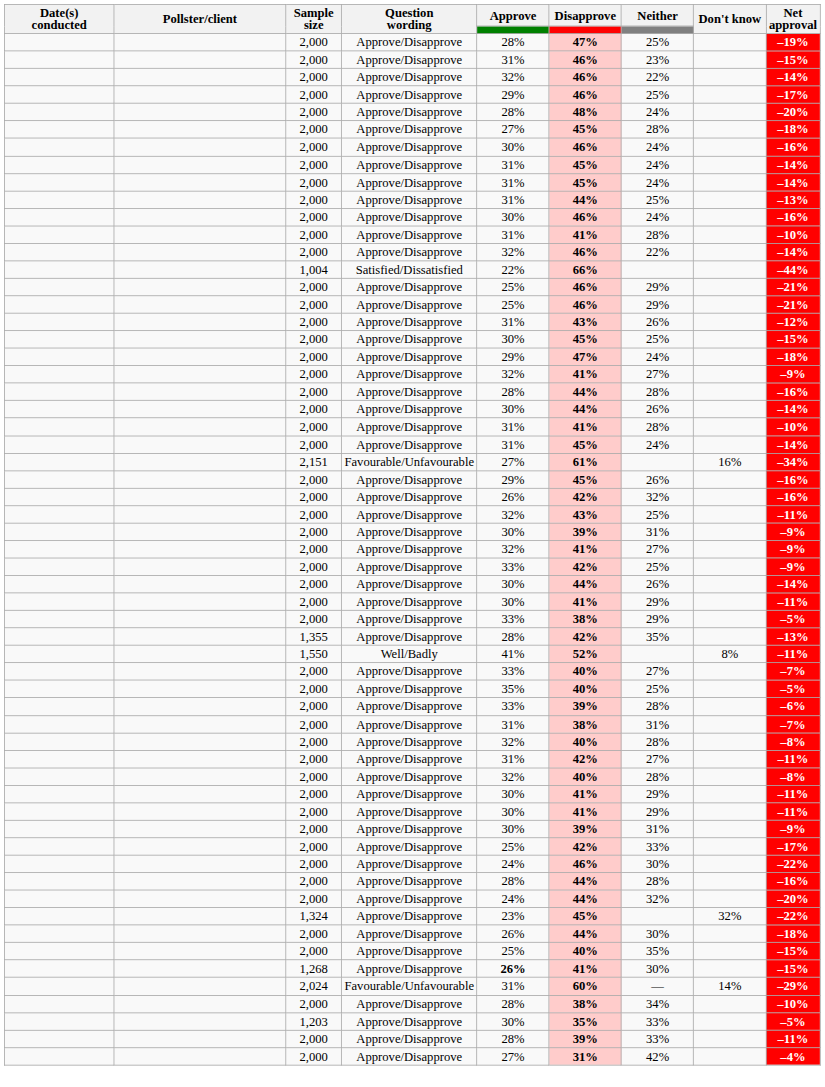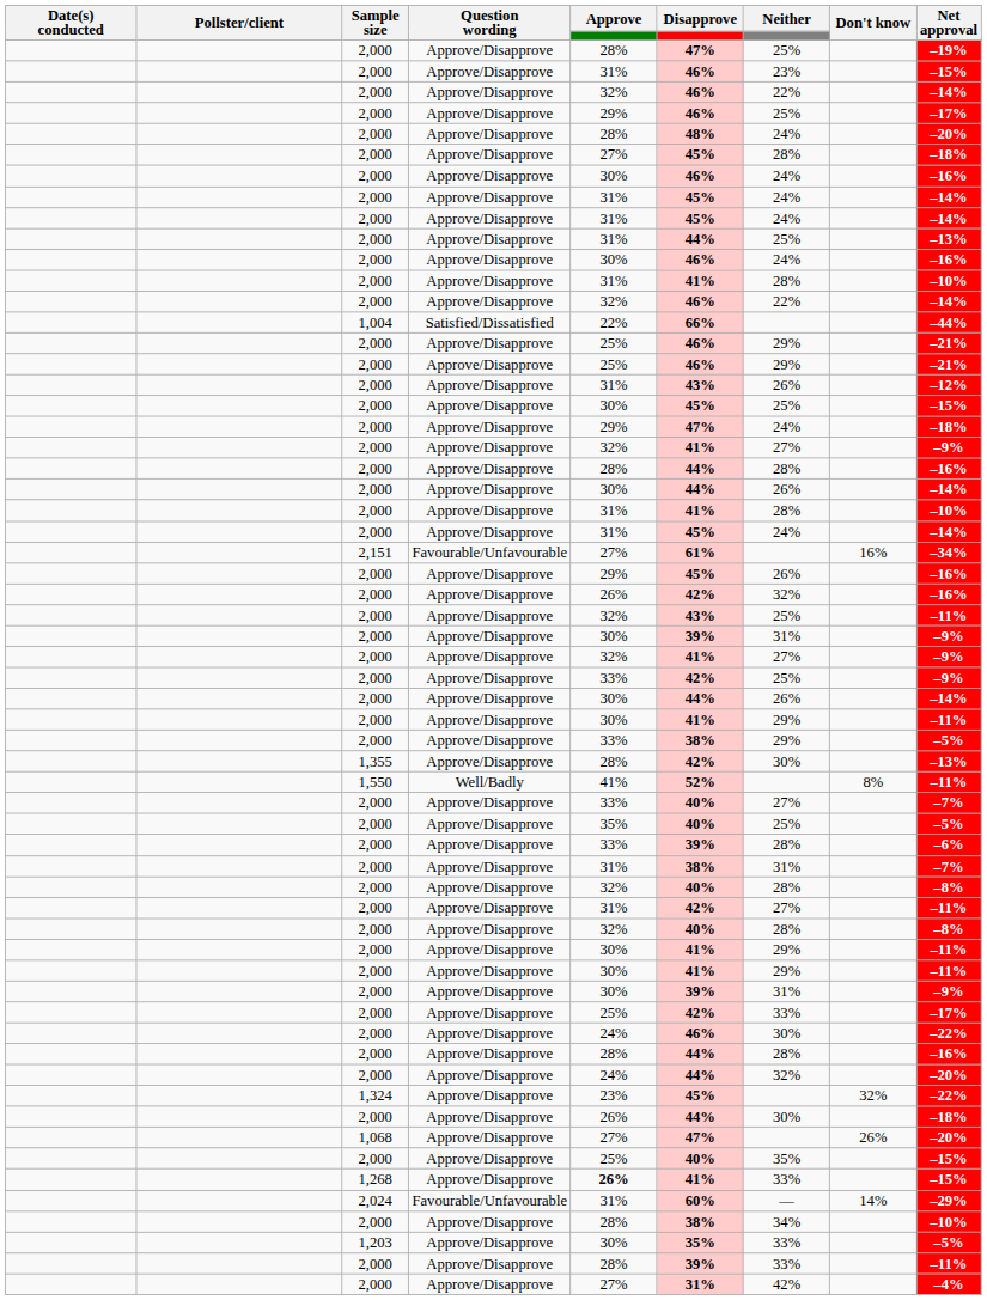 <table class="wikitable collapsible sortable mw-datatable" style="text-align:center;font-size:95%;line-height:14px;">
 <tr>
 <th style="width:125px;" rowspan="2">Date(s)<br>conducted</th>
 <th style="width:200px;" rowspan="2">Pollster/client</th>
 <th style="width:60px;" rowspan="2">Sample size</th>
 <th style="width:120px;" rowspan="2">Question<br>wording</th>
 <th class="unsortable" style="width:80px;">Approve</th>
 <th class="unsortable" style="width: 80px;">Disapprove</th>
 <th class="unsortable" style="width:80px;">Neither</th>
 <th class="unsortable" style="width:80px;" rowspan="2">Don't know</th>
 <th class="unsortable" style="width:20px;" rowspan="2">Net approval</th>
 </tr>
 <tr>
 <th class="unsortable" style="color:inherit;background:green;width:60px;"></th>
 <th class="unsortable" style="color:inherit;background:red;width:60px;"></th>
 <th class="unsortable" style="background:grey;width:60px;"></th>
 </tr>
 <tr>
 <td></td>
 <td></td>
 <td>2,000</td>
 <td>Approve/Disapprove</td>
 <td>28%</td>
 <td style="background:#ffcccb"><strong>47%</strong></td>
 <td>25%</td>
 <td></td>
 <td style="background:red;color:white"><strong>–19%</strong></td>
 </tr>
 <tr>
 <td></td>
 <td></td>
 <td>2,000</td>
 <td>Approve/Disapprove</td>
 <td>31%</td>
 <td style="background:#ffcccb"><strong>46%</strong></td>
 <td>23%</td>
 <td></td>
 <td style="background:red;color:white"><strong>–15%</strong></td>
 </tr>
 <tr>
 <td></td>
 <td></td>
 <td>2,000</td>
 <td>Approve/Disapprove</td>
 <td>32%</td>
 <td style="background:#ffcccb"><strong>46%</strong></td>
 <td>22%</td>
 <td></td>
 <td style="background:red;color:white"><strong>–14%</strong></td>
 </tr>
 <tr>
 <td></td>
 <td></td>
 <td>2,000</td>
 <td>Approve/Disapprove</td>
 <td>29%</td>
 <td style="background:#ffcccb"><strong>46%</strong></td>
 <td>25%</td>
 <td></td>
 <td style="background:red;color:white"><strong>–17%</strong></td>
 </tr>
 <tr>
 <td></td>
 <td></td>
 <td>2,000</td>
 <td>Approve/Disapprove</td>
 <td>28%</td>
 <td style="background:#ffcccb"><strong>48%</strong></td>
 <td>24%</td>
 <td></td>
 <td style="background:red;color:white"><strong>–20%</strong></td>
 </tr>
 <tr>
 <td></td>
 <td></td>
 <td>2,000</td>
 <td>Approve/Disapprove</td>
 <td>27%</td>
 <td style="background:#ffcccb"><strong>45%</strong></td>
 <td>28%</td>
 <td></td>
 <td style="background:red;color:white"><strong>–18%</strong></td>
 </tr>
 <tr>
 <td></td>
 <td></td>
 <td>2,000</td>
 <td>Approve/Disapprove</td>
 <td>30%</td>
 <td style="background:#ffcccb"><strong>46%</strong></td>
 <td>24%</td>
 <td></td>
 <td style="background:red;color:white"><strong>–16%</strong></td>
 </tr>
 <tr>
 <td></td>
 <td></td>
 <td>2,000</td>
 <td>Approve/Disapprove</td>
 <td>31%</td>
 <td style="background:#ffcccb"><strong>45%</strong></td>
 <td>24%</td>
 <td></td>
 <td style="background:red;color:white"><strong>–14%</strong></td>
 </tr>
 <tr>
 <td></td>
 <td></td>
 <td>2,000</td>
 <td>Approve/Disapprove</td>
 <td>31%</td>
 <td style="background:#ffcccb"><strong>45%</strong></td>
 <td>24%</td>
 <td></td>
 <td style="background:red;color:white"><strong>–14%</strong></td>
 </tr>
 <tr>
 <td></td>
 <td></td>
 <td>2,000</td>
 <td>Approve/Disapprove</td>
 <td>31%</td>
 <td style="background:#ffcccb"><strong>44%</strong></td>
 <td>25%</td>
 <td></td>
 <td style="background:red;color:white"><strong>–13%</strong></td>
 </tr>
 <tr>
 <td></td>
 <td></td>
 <td>2,000</td>
 <td>Approve/Disapprove</td>
 <td>30%</td>
 <td style="background:#ffcccb"><strong>46%</strong></td>
 <td>24%</td>
 <td></td>
 <td style="background:red;color:white"><strong>–16%</strong></td>
 </tr>
 <tr>
 <td></td>
 <td></td>
 <td>2,000</td>
 <td>Approve/Disapprove</td>
 <td>31%</td>
 <td style="background:#ffcccb"><strong>41%</strong></td>
 <td>28%</td>
 <td></td>
 <td style="background:red;color:white"><strong>–10%</strong></td>
 </tr>
 <tr>
 <td></td>
 <td></td>
 <td>2,000</td>
 <td>Approve/Disapprove</td>
 <td>32%</td>
 <td style="background:#ffcccb"><strong>46%</strong></td>
 <td>22%</td>
 <td></td>
 <td style="background:red;color:white"><strong>–14%</strong></td>
 </tr>
 <tr>
 <td></td>
 <td></td>
 <td>1,004</td>
 <td>Satisfied/Dissatisfied</td>
 <td>22%</td>
 <td style="background:#ffcccb"><strong>66%</strong></td>
 <td></td>
 <td></td>
 <td style="background:red;color:white"><strong>–44%</strong></td>
 </tr>
 <tr>
 <td></td>
 <td></td>
 <td>2,000</td>
 <td>Approve/Disapprove</td>
 <td>25%</td>
 <td style="background:#ffcccb"><strong>46%</strong></td>
 <td>29%</td>
 <td></td>
 <td style="background:red;color:white"><strong>–21%</strong></td>
 </tr>
 <tr>
 <td></td>
 <td></td>
 <td>2,000</td>
 <td>Approve/Disapprove</td>
 <td>25%</td>
 <td style="background:#ffcccb"><strong>46%</strong></td>
 <td>29%</td>
 <td></td>
 <td style="background:red;color:white"><strong>–21%</strong></td>
 </tr>
 <tr>
 <td></td>
 <td></td>
 <td>2,000</td>
 <td>Approve/Disapprove</td>
 <td>31%</td>
 <td style="background:#ffcccb"><strong>43%</strong></td>
 <td>26%</td>
 <td></td>
 <td style="background:red;color:white"><strong>–12%</strong></td>
 </tr>
 <tr>
 <td></td>
 <td></td>
 <td>2,000</td>
 <td>Approve/Disapprove</td>
 <td>30%</td>
 <td style="background:#ffcccb"><strong>45%</strong></td>
 <td>25%</td>
 <td></td>
 <td style="background:red;color:white"><strong>–15%</strong></td>
 </tr>
 <tr>
 <td></td>
 <td></td>
 <td>2,000</td>
 <td>Approve/Disapprove</td>
 <td>29%</td>
 <td style="background:#ffcccb"><strong>47%</strong></td>
 <td>24%</td>
 <td></td>
 <td style="background:red;color:white"><strong>–18%</strong></td>
 </tr>
 <tr>
 <td></td>
 <td></td>
 <td>2,000</td>
 <td>Approve/Disapprove</td>
 <td>32%</td>
 <td style="background:#ffcccb"><strong>41%</strong></td>
 <td>27%</td>
 <td></td>
 <td style="background:red;color:white"><strong>–9%</strong></td>
 </tr>
 <tr>
 <td></td>
 <td></td>
 <td>2,000</td>
 <td>Approve/Disapprove</td>
 <td>28%</td>
 <td style="background:#ffcccb"><strong>44%</strong></td>
 <td>28%</td>
 <td></td>
 <td style="background:red;color:white"><strong>–16%</strong></td>
 </tr>
 <tr>
 <td></td>
 <td></td>
 <td>2,000</td>
 <td>Approve/Disapprove</td>
 <td>30%</td>
 <td style="background:#ffcccb"><strong>44%</strong></td>
 <td>26%</td>
 <td></td>
 <td style="background:red;color:white"><strong>–14%</strong></td>
 </tr>
 <tr>
 <td></td>
 <td></td>
 <td>2,000</td>
 <td>Approve/Disapprove</td>
 <td>31%</td>
 <td style="background:#ffcccb"><strong>41%</strong></td>
 <td>28%</td>
 <td></td>
 <td style="background:red;color:white"><strong>–10%</strong></td>
 </tr>
 <tr>
 <td></td>
 <td></td>
 <td>2,000</td>
 <td>Approve/Disapprove</td>
 <td>31%</td>
 <td style="background:#ffcccb"><strong>45%</strong></td>
 <td>24%</td>
 <td></td>
 <td style="background:red;color:white"><strong>–14%</strong></td>
 </tr>
 <tr>
 <td></td>
 <td></td>
 <td>2,151</td>
 <td>Favourable/Unfavourable</td>
 <td>27%</td>
 <td style="background:#ffcccb"><strong>61%</strong></td>
 <td></td>
 <td>16%</td>
 <td style="background:red;color:white"><strong>–34%</strong></td>
 </tr>
 <tr>
 <td></td>
 <td></td>
 <td>2,000</td>
 <td>Approve/Disapprove</td>
 <td>29%</td>
 <td style="background:#ffcccb"><strong>45%</strong></td>
 <td>26%</td>
 <td></td>
 <td style="background:red;color:white"><strong>–16%</strong></td>
 </tr>
 <tr>
 <td></td>
 <td></td>
 <td>2,000</td>
 <td>Approve/Disapprove</td>
 <td>26%</td>
 <td style="background:#ffcccb"><strong>42%</strong></td>
 <td>32%</td>
 <td></td>
 <td style="background:red;color:white"><strong>–16%</strong></td>
 </tr>
 <tr>
 <td></td>
 <td></td>
 <td>2,000</td>
 <td>Approve/Disapprove</td>
 <td>32%</td>
 <td style="background:#ffcccb"><strong>43%</strong></td>
 <td>25%</td>
 <td></td>
 <td style="background:red;color:white"><strong>–11%</strong></td>
 </tr>
 <tr>
 <td></td>
 <td></td>
 <td>2,000</td>
 <td>Approve/Disapprove</td>
 <td>30%</td>
 <td style="background:#ffcccb"><strong>39%</strong></td>
 <td>31%</td>
 <td></td>
 <td style="background:red;color:white"><strong>–9%</strong></td>
 </tr>
 <tr>
 <td></td>
 <td></td>
 <td>2,000</td>
 <td>Approve/Disapprove</td>
 <td>32%</td>
 <td style="background:#ffcccb"><strong>41%</strong></td>
 <td>27%</td>
 <td></td>
 <td style="background:red;color:white"><strong>–9%</strong></td>
 </tr>
 <tr>
 <td></td>
 <td></td>
 <td>2,000</td>
 <td>Approve/Disapprove</td>
 <td>33%</td>
 <td style="background:#ffcccb"><strong>42%</strong></td>
 <td>25%</td>
 <td></td>
 <td style="background:red;color:white"><strong>–9%</strong></td>
 </tr>
 <tr>
 <td></td>
 <td></td>
 <td>2,000</td>
 <td>Approve/Disapprove</td>
 <td>30%</td>
 <td style="background:#ffcccb"><strong>44%</strong></td>
 <td>26%</td>
 <td></td>
 <td style="background:red;color:white"><strong>–14%</strong></td>
 </tr>
 <tr>
 <td></td>
 <td></td>
 <td>2,000</td>
 <td>Approve/Disapprove</td>
 <td>30%</td>
 <td style="background:#ffcccb"><strong>41%</strong></td>
 <td>29%</td>
 <td></td>
 <td style="background:red;color:white"><strong>–11%</strong></td>
 </tr>
 <tr>
 <td></td>
 <td></td>
 <td>2,000</td>
 <td>Approve/Disapprove</td>
 <td>33%</td>
 <td style="background:#ffcccb"><strong>38%</strong></td>
 <td>29%</td>
 <td></td>
 <td style="background:red;color:white"><strong>–5%</strong></td>
 </tr>
 <tr>
 <td></td>
 <td></td>
 <td>1,355</td>
 <td>Approve/Disapprove</td>
 <td>28%</td>
 <td style="background:#ffcccb"><strong>42%</strong></td>
-<td>35%</td>
+<td>30%</td>
 <td></td>
 <td style="background:red;color:white"><strong>–13%</strong></td>
 </tr>
 <tr>
 <td></td>
 <td></td>
 <td>1,550</td>
 <td>Well/Badly</td>
 <td>41%</td>
 <td style="background:#ffcccb"><strong>52%</strong></td>
 <td></td>
 <td>8%</td>
 <td style="background:red;color:white"><strong>–11%</strong></td>
 </tr>
 <tr>
 <td></td>
 <td></td>
 <td>2,000</td>
 <td>Approve/Disapprove</td>
 <td>33%</td>
 <td style="background:#ffcccb"><strong>40%</strong></td>
 <td>27%</td>
 <td></td>
 <td style="background:red;color:white"><strong>–7%</strong></td>
 </tr>
 <tr>
 <td></td>
 <td></td>
 <td>2,000</td>
 <td>Approve/Disapprove</td>
 <td>35%</td>
 <td style="background:#ffcccb"><strong>40%</strong></td>
 <td>25%</td>
 <td></td>
 <td style="background:red;color:white"><strong>–5%</strong></td>
 </tr>
 <tr>
 <td></td>
 <td></td>
 <td>2,000</td>
 <td>Approve/Disapprove</td>
 <td>33%</td>
 <td style="background:#ffcccb"><strong>39%</strong></td>
 <td>28%</td>
 <td></td>
 <td style="background:red;color:white"><strong>–6%</strong></td>
 </tr>
 <tr>
 <td></td>
 <td></td>
 <td>2,000</td>
 <td>Approve/Disapprove</td>
 <td>31%</td>
 <td style="background:#ffcccb"><strong>38%</strong></td>
 <td>31%</td>
 <td></td>
 <td style="background:red;color:white"><strong>–7%</strong></td>
 </tr>
 <tr>
 <td></td>
 <td></td>
 <td>2,000</td>
 <td>Approve/Disapprove</td>
 <td>32%</td>
 <td style="background:#ffcccb"><strong>40%</strong></td>
 <td>28%</td>
 <td></td>
 <td style="background:red;color:white"><strong>–8%</strong></td>
 </tr>
 <tr>
 <td></td>
 <td></td>
 <td>2,000</td>
 <td>Approve/Disapprove</td>
 <td>31%</td>
 <td style="background:#ffcccb"><strong>42%</strong></td>
 <td>27%</td>
 <td></td>
 <td style="background:red;color:white"><strong>–11%</strong></td>
 </tr>
 <tr>
 <td></td>
 <td></td>
 <td>2,000</td>
 <td>Approve/Disapprove</td>
 <td>32%</td>
 <td style="background:#ffcccb"><strong>40%</strong></td>
 <td>28%</td>
 <td></td>
 <td style="background:red;color:white"><strong>–8%</strong></td>
 </tr>
 <tr>
 <td></td>
 <td></td>
 <td>2,000</td>
 <td>Approve/Disapprove</td>
 <td>30%</td>
 <td style="background:#ffcccb"><strong>41%</strong></td>
 <td>29%</td>
 <td></td>
 <td style="background:red;color:white"><strong>–11%</strong></td>
 </tr>
 <tr>
 <td></td>
 <td></td>
 <td>2,000</td>
 <td>Approve/Disapprove</td>
 <td>30%</td>
 <td style="background:#ffcccb"><strong>41%</strong></td>
 <td>29%</td>
 <td></td>
 <td style="background:red;color:white"><strong>–11%</strong></td>
 </tr>
 <tr>
 <td></td>
 <td></td>
 <td>2,000</td>
 <td>Approve/Disapprove</td>
 <td>30%</td>
 <td style="background:#ffcccb"><strong>39%</strong></td>
 <td>31%</td>
 <td></td>
 <td style="background:red;color:white"><strong>–9%</strong></td>
 </tr>
 <tr>
 <td></td>
 <td></td>
 <td>2,000</td>
 <td>Approve/Disapprove</td>
 <td>25%</td>
 <td style="background:#ffcccb"><strong>42%</strong></td>
 <td>33%</td>
 <td></td>
 <td style="background:red;color:white"><strong>–17%</strong></td>
 </tr>
 <tr>
 <td></td>
 <td></td>
 <td>2,000</td>
 <td>Approve/Disapprove</td>
 <td>24%</td>
 <td style="background:#ffcccb"><strong>46%</strong></td>
 <td>30%</td>
 <td></td>
 <td style="background:red;color:white"><strong>–22%</strong></td>
 </tr>
 <tr>
 <td></td>
 <td></td>
 <td>2,000</td>
 <td>Approve/Disapprove</td>
 <td>28%</td>
 <td style="background:#ffcccb"><strong>44%</strong></td>
 <td>28%</td>
 <td></td>
 <td style="background:red;color:white"><strong>–16%</strong></td>
 </tr>
 <tr>
 <td></td>
 <td></td>
 <td>2,000</td>
 <td>Approve/Disapprove</td>
 <td>24%</td>
 <td style="background:#ffcccb"><strong>44%</strong></td>
 <td>32%</td>
 <td></td>
 <td style="background:red;color:white"><strong>–20%</strong></td>
 </tr>
 <tr>
 <td></td>
 <td></td>
 <td>1,324</td>
 <td>Approve/Disapprove</td>
 <td>23%</td>
 <td style="background:#ffcccb"><strong>45%</strong></td>
 <td></td>
 <td>32%</td>
 <td style="background:red;color:white"><strong>–22%</strong></td>
 </tr>
 <tr>
 <td></td>
 <td></td>
 <td>2,000</td>
 <td>Approve/Disapprove</td>
 <td>26%</td>
 <td style="background:#ffcccb"><strong>44%</strong></td>
 <td>30%</td>
 <td></td>
 <td style="background:red;color:white"><strong>–18%</strong></td>
 </tr>
 <tr>
 <td></td>
 <td></td>
+<td>1,068</td>
+<td>Approve/Disapprove</td>
+<td>27%</td>
+<td style="background:#ffcccb"><strong>47%</strong></td>
+<td></td>
+<td>26%</td>
+<td style="background:red;color:white"><strong>–20%</strong></td>
+</tr>
+<tr>
+<td></td>
+<td></td>
 <td>2,000</td>
 <td>Approve/Disapprove</td>
 <td>25%</td>
 <td style="background:#ffcccb"><strong>40%</strong></td>
 <td>35%</td>
 <td></td>
 <td style="background:red;color:white"><strong>–15%</strong></td>
 </tr>
 <tr>
 <td></td>
 <td></td>
 <td>1,268</td>
 <td>Approve/Disapprove</td>
 <td><strong>26%</strong></td>
 <td style="background:#ffcccb"><strong>41%</strong></td>
-<td>30%</td>
+<td>33%</td>
 <td></td>
 <td style="background:red;color:white"><strong>–15%</strong></td>
 </tr>
 <tr>
 <td></td>
 <td></td>
 <td>2,024</td>
 <td>Favourable/Unfavourable</td>
 <td>31%</td>
 <td style="background:#ffcccb"><strong>60%</strong></td>
 <td>—</td>
 <td>14%</td>
 <td style="background:red;color:white"><strong>–29%</strong></td>
 </tr>
 <tr>
 <td></td>
 <td></td>
 <td>2,000</td>
 <td>Approve/Disapprove</td>
 <td>28%</td>
 <td style="background:#ffcccb"><strong>38%</strong></td>
 <td>34%</td>
 <td></td>
 <td style="background:red;color:white"><strong>–10%</strong></td>
 </tr>
 <tr>
 <td></td>
 <td></td>
 <td>1,203</td>
 <td>Approve/Disapprove</td>
 <td>30%</td>
 <td style="background:#ffcccb"><strong>35%</strong></td>
 <td>33%</td>
 <td></td>
 <td style="background:red;color:white"><strong>–5%</strong></td>
 </tr>
 <tr>
 <td></td>
 <td></td>
 <td>2,000</td>
 <td>Approve/Disapprove</td>
 <td>28%</td>
 <td style="background:#ffcccb"><strong>39%</strong></td>
 <td>33%</td>
 <td></td>
 <td style="background:red;color:white"><strong>–11%</strong></td>
 </tr>
 <tr>
 <td></td>
 <td></td>
 <td>2,000</td>
 <td>Approve/Disapprove</td>
 <td>27%</td>
 <td style="background:#ffcccb"><strong>31%</strong></td>
 <td>42%</td>
 <td></td>
 <td style="background:red;color:white"><strong>–4%</strong></td>
 </tr>
 </table>
